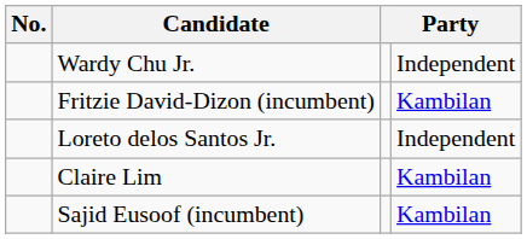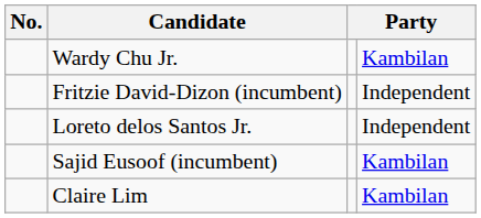 <table class="wikitable sortable" style="text-align:left;">
 <tr>
 <th>No.</th>
 <th>Candidate</th>
 <th colspan="2">Party</th>
 </tr>
 <tr>
 <td></td>
 <td>Wardy Chu Jr.</td>
 <td></td>
-<td>Independent</td>
+<td><a href='#'>Kambilan</a></td>
 </tr>
 <tr>
 <td></td>
 <td>Fritzie David-Dizon (incumbent)</td>
 <td></td>
-<td><a href='#'>Kambilan</a></td>
+<td>Independent</td>
 </tr>
 <tr>
 <td></td>
 <td>Loreto delos Santos Jr.</td>
 <td></td>
 <td>Independent</td>
 </tr>
 <tr>
 <td></td>
-<td>Claire Lim</td>
+<td>Sajid Eusoof (incumbent)</td>
 <td></td>
 <td><a href='#'>Kambilan</a></td>
 </tr>
 <tr>
 <td></td>
-<td>Sajid Eusoof (incumbent)</td>
+<td>Claire Lim</td>
 <td></td>
 <td><a href='#'>Kambilan</a></td>
 </tr>
 </table>
